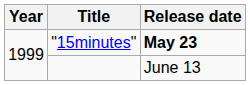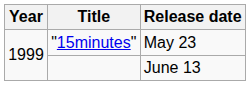 <table class="wikitable">
 <tr>
 <th rowspan="1"><strong>Year</strong></th>
 <th rowspan="1"><strong>Title</strong></th>
 <th rowspan="1"><strong>Release date</strong></th>
 </tr>
 <tr>
 <td rowspan="2">1999</td>
 <td>"<a href='#'>15minutes</a>"</td>
-<td><strong>May 23</strong></td>
+<td>May 23</td>
 </tr>
 <tr>
 <td></td>
 <td>June 13</td>
 </tr>
 </table>
